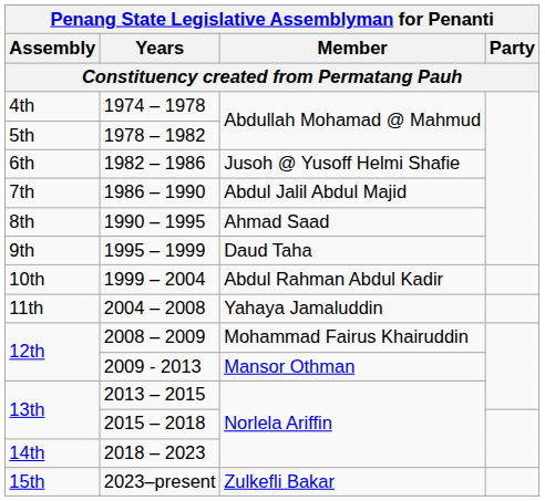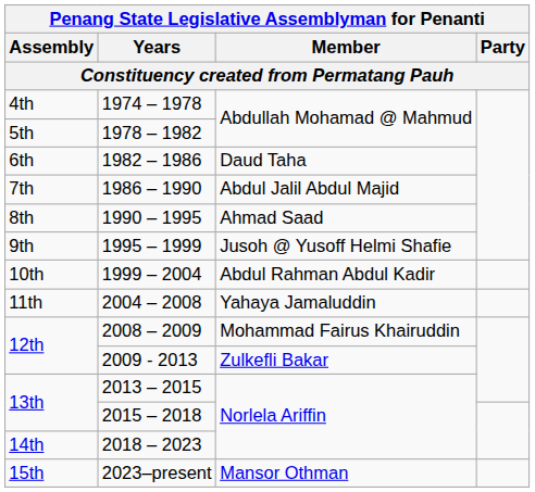 <table class="wikitable">
 <tr>
 <th colspan="4"><a href='#'>Penang State Legislative Assemblyman</a> for Penanti</th>
 </tr>
 <tr>
 <th>Assembly</th>
 <th>Years</th>
 <th>Member</th>
 <th>Party</th>
 </tr>
 <tr>
 <th colspan="4" align="center"><em>Constituency created from Permatang Pauh</em></th>
 </tr>
 <tr>
 <td>4th</td>
 <td>1974 – 1978</td>
 <td rowspan="2">Abdullah Mohamad @ Mahmud</td>
 <td rowspan="6"></td>
 </tr>
 <tr>
 <td>5th</td>
 <td>1978 – 1982</td>
 </tr>
 <tr>
 <td>6th</td>
 <td>1982 – 1986</td>
-<td>Jusoh @ Yusoff Helmi Shafie</td>
+<td>Daud Taha</td>
 </tr>
 <tr>
 <td>7th</td>
 <td>1986 – 1990</td>
 <td>Abdul Jalil Abdul Majid</td>
 </tr>
 <tr>
 <td>8th</td>
 <td>1990 – 1995</td>
 <td>Ahmad Saad</td>
 </tr>
 <tr>
 <td>9th</td>
 <td>1995 – 1999</td>
-<td>Daud Taha</td>
+<td>Jusoh @ Yusoff Helmi Shafie</td>
 </tr>
 <tr>
 <td>10th</td>
 <td>1999 – 2004</td>
 <td>Abdul Rahman Abdul Kadir</td>
 <td></td>
 </tr>
 <tr>
 <td>11th</td>
 <td>2004 – 2008</td>
 <td>Yahaya Jamaluddin</td>
 <td></td>
 </tr>
 <tr>
 <td rowspan="2"><a href='#'>12th</a></td>
 <td>2008 – 2009</td>
 <td>Mohammad Fairus Khairuddin</td>
 <td rowspan="3"></td>
 </tr>
 <tr>
 <td>2009 - 2013</td>
-<td><a href='#'>Mansor Othman</a></td>
+<td><a href='#'>Zulkefli Bakar</a></td>
 </tr>
 <tr>
 <td rowspan=2><a href='#'>13th</a></td>
 <td>2013 – 2015</td>
 <td rowspan=3><a href='#'>Norlela Ariffin</a></td>
 </tr>
 <tr>
 <td>2015 – 2018</td>
 <td rowspan=2></td>
 </tr>
 <tr>
 <td><a href='#'>14th</a></td>
 <td>2018 – 2023</td>
 </tr>
 <tr>
 <td><a href='#'>15th</a></td>
 <td>2023–present</td>
-<td><a href='#'>Zulkefli Bakar</a></td>
+<td><a href='#'>Mansor Othman</a></td>
 <td></td>
 </tr>
 </table>
